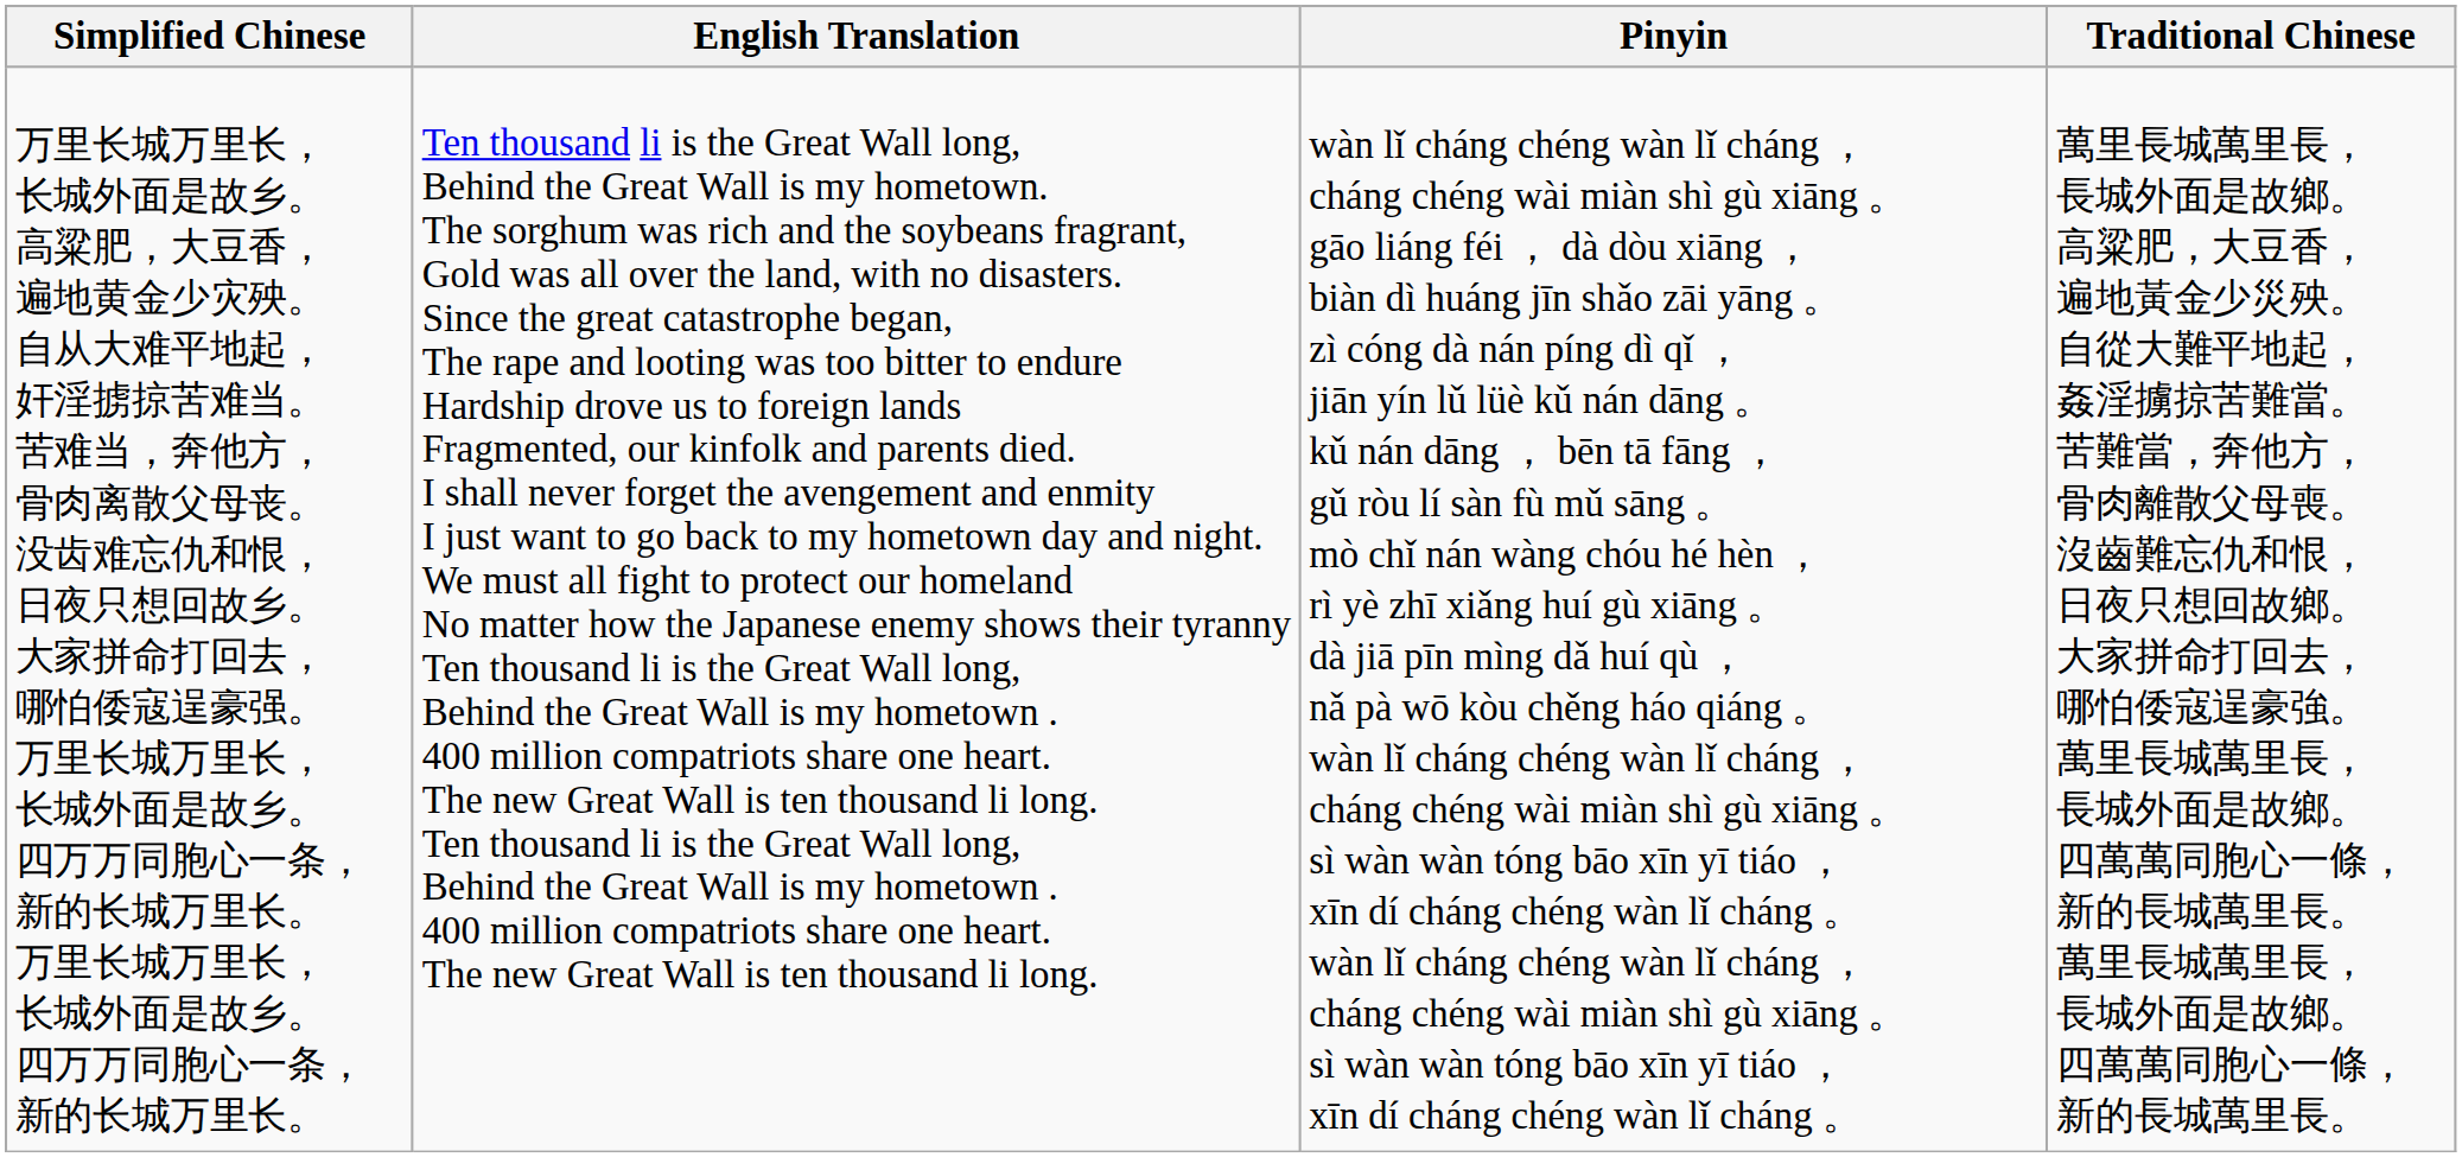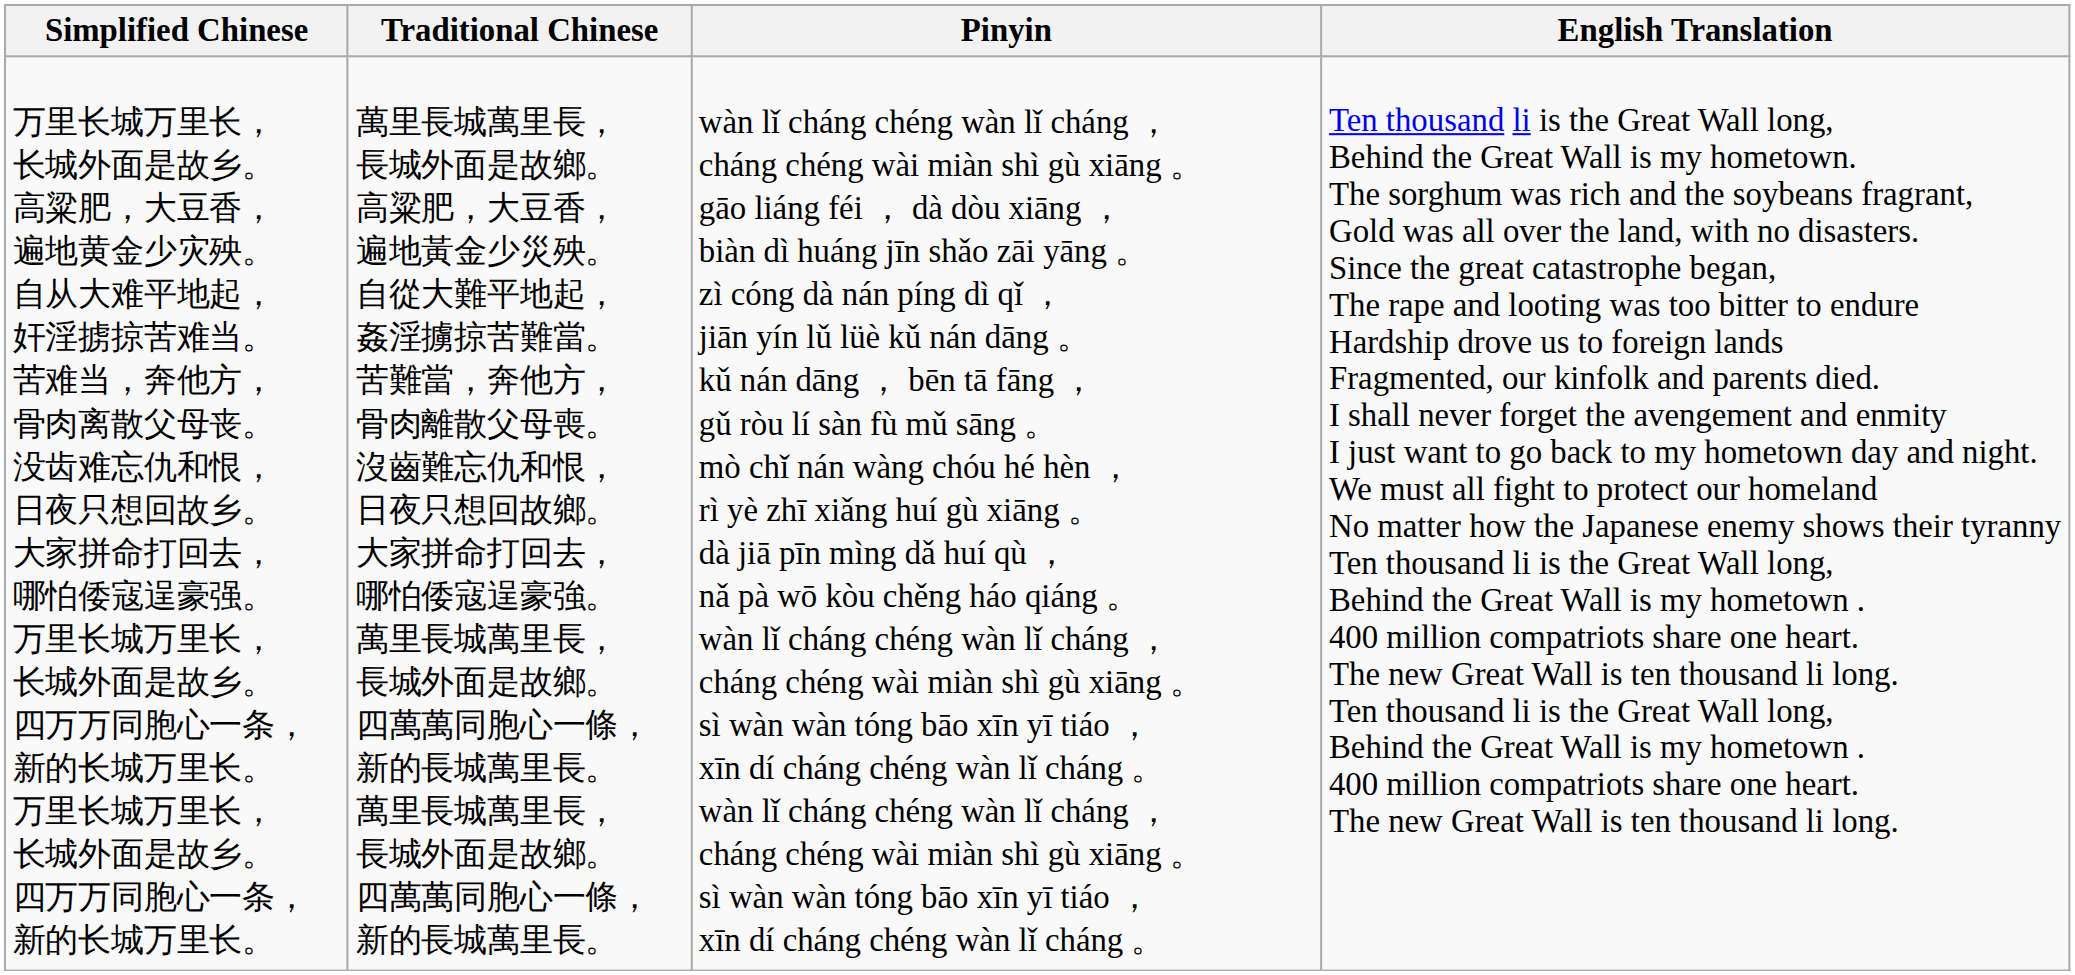 <table class="wikitable">
 <tr>
 <th style="width:160px;">Simplified Chinese</th>
+<th style="width:160px;">Traditional Chinese</th>
+<th style="width:300px;">Pinyin</th>
 <th>English Translation</th>
-<th style="width:300px;">Pinyin</th>
-<th style="width:160px;">Traditional Chinese</th>
 </tr>
 <tr valign="top" lang="zh-Hans">
 <td><br>万里长城万里长，<br> 长城外面是故乡。<br> 高粱肥，大豆香，<br> 遍地黄金少灾殃。<br> 自从大难平地起，<br> 奸淫掳掠苦难当。<br> 苦难当，奔他方，<br> 骨肉离散父母丧。<br> 没齿难忘仇和恨，<br> 日夜只想回故乡。<br> 大家拼命打回去，<br> 哪怕倭寇逞豪强。<br> 万里长城万里长，<br> 长城外面是故乡。<br> 四万万同胞心一条，<br> 新的长城万里长。<br> 万里长城万里长，<br> 长城外面是故乡。<br> 四万万同胞心一条，<br> 新的长城万里长。<br></td>
+<td lang="zh-Hant"><br>萬里長城萬里長，<br> 長城外面是故鄉。<br> 高粱肥，大豆香，<br> 遍地黃金少災殃。<br> 自從大難平地起，<br> 姦淫擄掠苦難當。<br> 苦難當，奔他方，<br> 骨肉離散父母喪。<br> 沒齒難忘仇和恨，<br> 日夜只想回故鄉。<br> 大家拼命打回去，<br> 哪怕倭寇逞豪強。<br> 萬里長城萬里長，<br> 長城外面是故鄉。<br> 四萬萬同胞心一條，<br> 新的長城萬里長。<br> 萬里長城萬里長，<br> 長城外面是故鄉。<br> 四萬萬同胞心一條，<br> 新的長城萬里長。<br></td>
+<td><br>wàn lǐ cháng chéng wàn lǐ cháng ， <br> cháng chéng wài miàn shì gù xiāng 。 <br> gāo liáng féi ， dà dòu xiāng ， <br> biàn dì huáng jīn shǎo zāi yāng 。 <br> zì cóng dà nán píng dì qǐ ， <br> jiān yín lǔ lüè kǔ nán dāng 。 <br> kǔ nán dāng ， bēn tā fāng ， <br> gǔ ròu lí sàn fù mǔ sāng 。 <br> mò chǐ nán wàng chóu hé hèn ， <br> rì yè zhī xiǎng huí gù xiāng 。 <br> dà jiā pīn mìng dǎ huí qù ， <br> nǎ pà wō kòu chěng háo qiáng 。<br>  wàn lǐ cháng chéng wàn lǐ cháng ， <br> cháng chéng wài miàn shì gù xiāng 。<br>  sì wàn wàn tóng bāo xīn yī tiáo ， <br> xīn dí cháng chéng wàn lǐ cháng 。 <br> wàn lǐ cháng chéng wàn lǐ cháng ， <br> cháng chéng wài miàn shì gù xiāng 。 <br> sì wàn wàn tóng bāo xīn yī tiáo ， <br> xīn dí cháng chéng wàn lǐ cháng 。<br></td>
 <td><br><a href='#'>Ten thousand</a> <a href='#'>li</a> is the Great Wall long,<br> Behind the Great Wall is my hometown.<br> The sorghum was rich and the soybeans fragrant,<br> Gold was all over the land, with no disasters.<br> Since the great catastrophe began,<br> The rape and looting was too bitter to endure<br> Hardship drove us to foreign lands<br> Fragmented, our kinfolk and parents died.<br> I shall never forget the avengement and enmity<br> I just want to go back to my hometown day and night.<br> We must all fight to protect our homeland<br> No matter how the Japanese enemy shows their tyranny<br> Ten thousand li is the Great Wall long,<br> Behind the Great Wall is my hometown .<br> 400 million compatriots share one heart.<br> The new Great Wall is ten thousand li long.<br> Ten thousand li is the Great Wall long,<br> Behind the Great Wall is my hometown .<br> 400 million compatriots share one heart.<br> The new Great Wall is ten thousand li long. <br></td>
-<td><br>wàn lǐ cháng chéng wàn lǐ cháng ， <br> cháng chéng wài miàn shì gù xiāng 。 <br> gāo liáng féi ， dà dòu xiāng ， <br> biàn dì huáng jīn shǎo zāi yāng 。 <br> zì cóng dà nán píng dì qǐ ， <br> jiān yín lǔ lüè kǔ nán dāng 。 <br> kǔ nán dāng ， bēn tā fāng ， <br> gǔ ròu lí sàn fù mǔ sāng 。 <br> mò chǐ nán wàng chóu hé hèn ， <br> rì yè zhī xiǎng huí gù xiāng 。 <br> dà jiā pīn mìng dǎ huí qù ， <br> nǎ pà wō kòu chěng háo qiáng 。<br>  wàn lǐ cháng chéng wàn lǐ cháng ， <br> cháng chéng wài miàn shì gù xiāng 。<br>  sì wàn wàn tóng bāo xīn yī tiáo ， <br> xīn dí cháng chéng wàn lǐ cháng 。 <br> wàn lǐ cháng chéng wàn lǐ cháng ， <br> cháng chéng wài miàn shì gù xiāng 。 <br> sì wàn wàn tóng bāo xīn yī tiáo ， <br> xīn dí cháng chéng wàn lǐ cháng 。<br></td>
-<td lang="zh-Hant"><br>萬里長城萬里長，<br> 長城外面是故鄉。<br> 高粱肥，大豆香，<br> 遍地黃金少災殃。<br> 自從大難平地起，<br> 姦淫擄掠苦難當。<br> 苦難當，奔他方，<br> 骨肉離散父母喪。<br> 沒齒難忘仇和恨，<br> 日夜只想回故鄉。<br> 大家拼命打回去，<br> 哪怕倭寇逞豪強。<br> 萬里長城萬里長，<br> 長城外面是故鄉。<br> 四萬萬同胞心一條，<br> 新的長城萬里長。<br> 萬里長城萬里長，<br> 長城外面是故鄉。<br> 四萬萬同胞心一條，<br> 新的長城萬里長。<br></td>
 </tr>
 </table>
